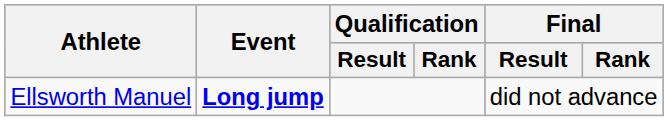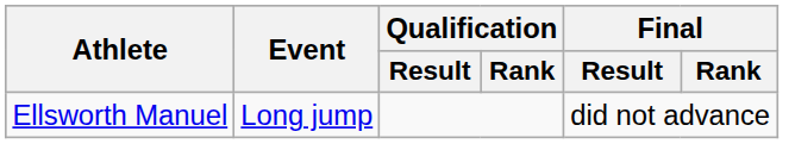 <table class=wikitable style=font-size:90%;text-align:center>
 <tr>
 <th rowspan=2>Athlete</th>
 <th rowspan=2>Event</th>
 <th colspan=2>Qualification</th>
 <th colspan=2>Final</th>
 </tr>
 <tr style=font-size:95%>
 <th>Result</th>
 <th>Rank</th>
 <th>Result</th>
 <th>Rank</th>
 </tr>
 <tr>
 <td align=left><a href='#'>Ellsworth Manuel</a></td>
-<td align=left><strong><a href='#'>Long jump</a></strong></td>
+<td align=left><a href='#'>Long jump</a></td>
 <td colspan=2></td>
 <td colspan=2>did not advance</td>
 </tr>
 </table>
